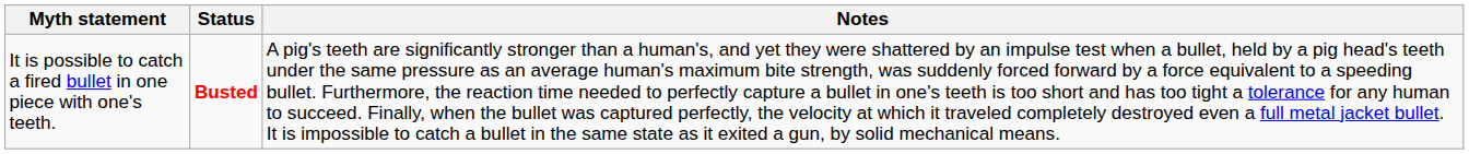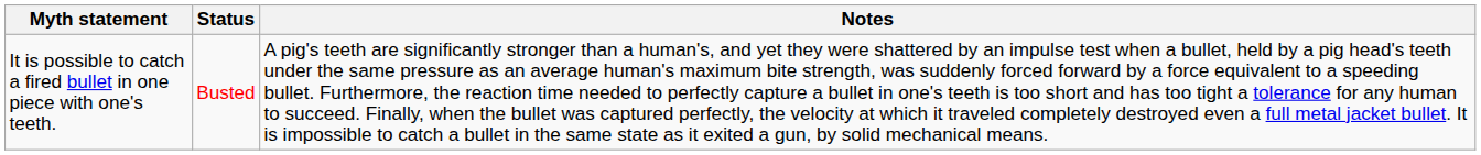 <table class="wikitable plainrowheaders">
 <tr>
 <th>Myth statement</th>
 <th>Status</th>
 <th>Notes</th>
 </tr>
 <tr>
 <td>It is possible to catch a fired <a href='#'>bullet</a> in one piece with one's teeth.</td>
-<td style="color:red"><strong>Busted</strong></td>
+<td style="color:red">Busted</td>
 <td>A pig's teeth are significantly stronger than a human's, and yet they were shattered by an impulse test when a bullet, held by a pig head's teeth under the same pressure as an average human's maximum bite strength, was suddenly forced forward by a force equivalent to a speeding bullet. Furthermore, the reaction time needed to perfectly capture a bullet in one's teeth is too short and has too tight a <a href='#'>tolerance</a> for any human to succeed. Finally, when the bullet was captured perfectly, the velocity at which it traveled completely destroyed even a <a href='#'>full metal jacket bullet</a>. It is impossible to catch a bullet in the same state as it exited a gun, by solid mechanical means.</td>
 </tr>
 </table>
